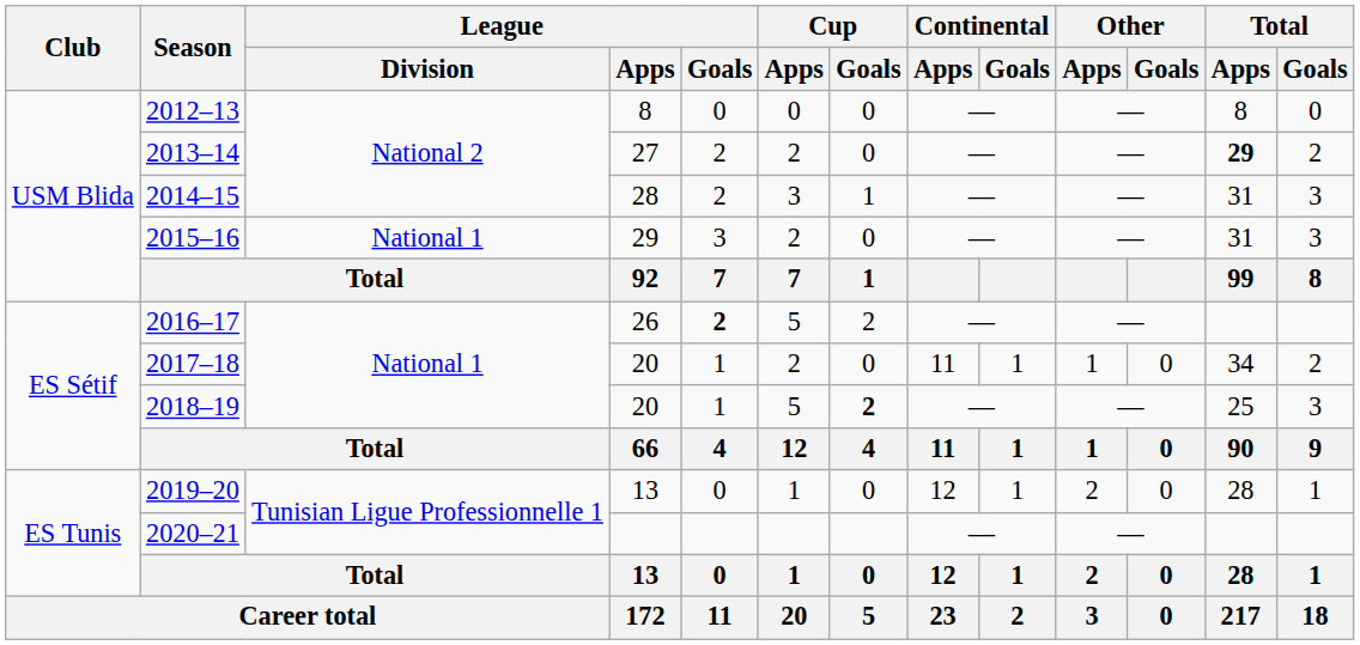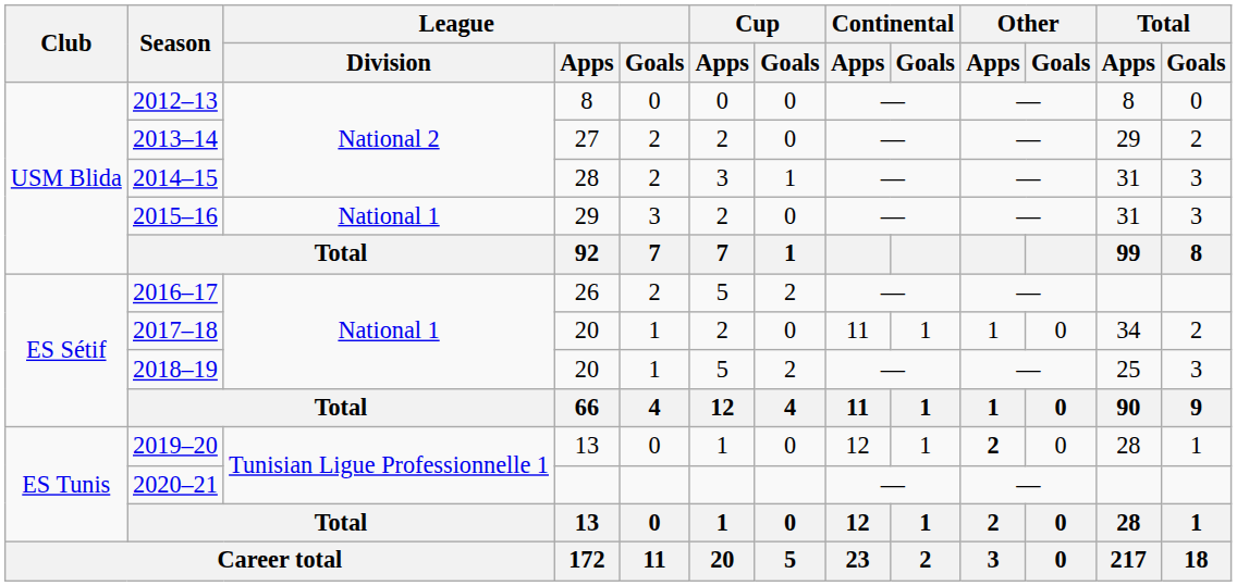 <table class="wikitable" style="text-align: center">
 <tr>
 <th rowspan="2">Club</th>
 <th rowspan="2">Season</th>
 <th colspan="3">League</th>
 <th colspan="2">Cup</th>
 <th colspan="2">Continental</th>
 <th colspan="2">Other</th>
 <th colspan="2">Total</th>
 </tr>
 <tr>
 <th>Division</th>
 <th>Apps</th>
 <th>Goals</th>
 <th>Apps</th>
 <th>Goals</th>
 <th>Apps</th>
 <th>Goals</th>
 <th>Apps</th>
 <th>Goals</th>
 <th>Apps</th>
 <th>Goals</th>
 </tr>
 <tr>
 <td rowspan="5" valign="center"><a href='#'>USM Blida</a></td>
 <td><a href='#'>2012–13</a></td>
 <td rowspan=3><a href='#'>National 2</a></td>
 <td>8</td>
 <td>0</td>
 <td>0</td>
 <td>0</td>
 <td colspan=2>—</td>
 <td colspan=2>—</td>
 <td>8</td>
 <td>0</td>
 </tr>
 <tr>
 <td><a href='#'>2013–14</a></td>
 <td>27</td>
 <td>2</td>
 <td>2</td>
 <td>0</td>
 <td colspan=2>—</td>
 <td colspan=2>—</td>
-<td><strong>29</strong></td>
+<td>29</td>
 <td>2</td>
 </tr>
 <tr>
 <td><a href='#'>2014–15</a></td>
 <td>28</td>
 <td>2</td>
 <td>3</td>
 <td>1</td>
 <td colspan=2>—</td>
 <td colspan=2>—</td>
 <td>31</td>
 <td>3</td>
 </tr>
 <tr>
 <td><a href='#'>2015–16</a></td>
 <td><a href='#'>National 1</a></td>
 <td>29</td>
 <td>3</td>
 <td>2</td>
 <td>0</td>
 <td colspan=2>—</td>
 <td colspan=2>—</td>
 <td>31</td>
 <td>3</td>
 </tr>
 <tr>
 <th colspan="2">Total</th>
 <th>92</th>
 <th>7</th>
 <th>7</th>
 <th>1</th>
 <th></th>
 <th></th>
 <th></th>
 <th></th>
 <th>99</th>
 <th>8</th>
 </tr>
 <tr>
 <td rowspan="4" valign="center"><a href='#'>ES Sétif</a></td>
 <td><a href='#'>2016–17</a></td>
 <td rowspan=3><a href='#'>National 1</a></td>
 <td>26</td>
-<td><strong>2</strong></td>
+<td>2</td>
 <td>5</td>
 <td>2</td>
 <td colspan=2>—</td>
 <td colspan=2>—</td>
 <td></td>
 <td></td>
 </tr>
 <tr>
 <td><a href='#'>2017–18</a></td>
 <td>20</td>
 <td>1</td>
 <td>2</td>
 <td>0</td>
 <td>11</td>
 <td>1</td>
 <td>1</td>
 <td>0</td>
 <td>34</td>
 <td>2</td>
 </tr>
 <tr>
 <td><a href='#'>2018–19</a></td>
 <td>20</td>
 <td>1</td>
 <td>5</td>
-<td><strong>2</strong></td>
+<td>2</td>
 <td colspan=2>—</td>
 <td colspan=2>—</td>
 <td>25</td>
 <td>3</td>
 </tr>
 <tr>
 <th colspan="2">Total</th>
 <th>66</th>
 <th>4</th>
 <th>12</th>
 <th>4</th>
 <th>11</th>
 <th>1</th>
 <th>1</th>
 <th>0</th>
 <th>90</th>
 <th>9</th>
 </tr>
 <tr>
 <td rowspan="3" valign="center"><a href='#'>ES Tunis</a></td>
 <td><a href='#'>2019–20</a></td>
 <td rowspan=2><a href='#'>Tunisian Ligue Professionnelle 1</a></td>
 <td>13</td>
 <td>0</td>
 <td>1</td>
 <td>0</td>
 <td>12</td>
 <td>1</td>
-<td>2</td>
+<td><strong>2</strong></td>
 <td>0</td>
 <td>28</td>
 <td>1</td>
 </tr>
 <tr>
 <td><a href='#'>2020–21</a></td>
 <td></td>
 <td></td>
 <td></td>
 <td></td>
 <td colspan=2>—</td>
 <td colspan=2>—</td>
 <td></td>
 <td></td>
 </tr>
 <tr>
 <th colspan="2">Total</th>
 <th>13</th>
 <th>0</th>
 <th>1</th>
 <th>0</th>
 <th>12</th>
 <th>1</th>
 <th>2</th>
 <th>0</th>
 <th>28</th>
 <th>1</th>
 </tr>
 <tr>
 <th colspan="3">Career total</th>
 <th>172</th>
 <th>11</th>
 <th>20</th>
 <th>5</th>
 <th>23</th>
 <th>2</th>
 <th>3</th>
 <th>0</th>
 <th>217</th>
 <th>18</th>
 </tr>
 </table>
